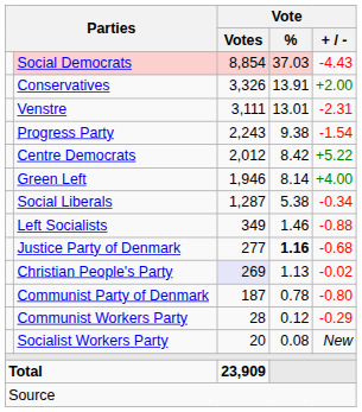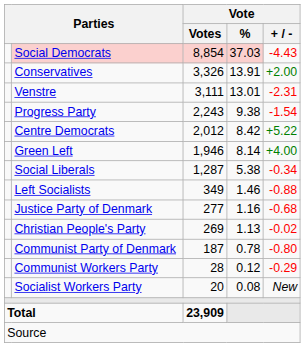 <table class="wikitable" style="text-align:right;">
 <tr>
 <th style="text-align:centre;" rowspan="2" colspan="2" width="225">Parties</th>
 <th colspan="3">Vote</th>
 </tr>
 <tr>
 <th width="15">Votes</th>
 <th width="15">%</th>
 <th width="15">+ / -</th>
 </tr>
 <tr>
 <td width="2" style="color:inherit;background:"></td>
 <td bgcolor=#fbd0ce  align="left"><a href='#'>Social Democrats</a></td>
 <td bgcolor=#fbd0ce>8,854</td>
 <td bgcolor=#fbd0ce>37.03</td>
 <td style=color:red;>-4.43</td>
 </tr>
 <tr>
 <td width="2" style="color:inherit;background:"></td>
 <td align="left"><a href='#'>Conservatives</a></td>
 <td>3,326</td>
 <td>13.91</td>
 <td style=color:green;>+2.00</td>
 </tr>
 <tr>
 <td width="2" style="color:inherit;background:"></td>
 <td align="left"><a href='#'>Venstre</a></td>
 <td>3,111</td>
 <td>13.01</td>
 <td style=color:red;>-2.31</td>
 </tr>
 <tr>
 <td width="2" style="color:inherit;background:"></td>
 <td align="left"><a href='#'>Progress Party</a></td>
 <td>2,243</td>
 <td>9.38</td>
 <td style=color:red;>-1.54</td>
 </tr>
 <tr>
 <td width="2" style="color:inherit;background:"></td>
 <td align="left"><a href='#'>Centre Democrats</a></td>
 <td>2,012</td>
 <td>8.42</td>
 <td style=color:green;>+5.22</td>
 </tr>
 <tr>
 <td width="2" style="color:inherit;background:"></td>
 <td align="left"><a href='#'>Green Left</a></td>
 <td>1,946</td>
 <td>8.14</td>
 <td style=color:green;>+4.00</td>
 </tr>
 <tr>
 <td width="2" style="color:inherit;background:"></td>
 <td align="left"><a href='#'>Social Liberals</a></td>
 <td>1,287</td>
 <td>5.38</td>
 <td style=color:red;>-0.34</td>
 </tr>
 <tr>
 <td width="2" style="color:inherit;background:"></td>
 <td align="left"><a href='#'>Left Socialists</a></td>
 <td>349</td>
 <td>1.46</td>
 <td style=color:red;>-0.88</td>
 </tr>
 <tr>
 <td width="2" style="color:inherit;background:"></td>
 <td align="left"><a href='#'>Justice Party of Denmark</a></td>
 <td>277</td>
-<td><strong>1.16</strong></td>
+<td>1.16</td>
 <td style=color:red;>-0.68</td>
 </tr>
 <tr>
 <td width="2" style="color:inherit;background:"></td>
 <td align="left"><a href='#'>Christian People's Party</a></td>
-<td style="background: lavender;">269</td>
+<td>269</td>
 <td>1.13</td>
 <td style=color:red;>-0.02</td>
 </tr>
 <tr>
 <td width="2" style="color:inherit;background:"></td>
 <td align="left"><a href='#'>Communist Party of Denmark</a></td>
 <td>187</td>
 <td>0.78</td>
 <td style=color:red;>-0.80</td>
 </tr>
 <tr>
 <td width="2" style="color:inherit;background:"></td>
 <td align="left"><a href='#'>Communist Workers Party</a></td>
 <td>28</td>
 <td>0.12</td>
 <td style=color:red;>-0.29</td>
 </tr>
 <tr>
 <td width="2" style="color:inherit;background:"></td>
 <td align="left"><a href='#'>Socialist Workers Party</a></td>
 <td>20</td>
 <td>0.08</td>
 <td><em>New</em></td>
 </tr>
 <tr>
 <td colspan="7" bgcolor="#E9E9E9"></td>
 </tr>
 <tr>
 <td align="left" colspan="2"><strong>Total</strong></td>
 <td><strong>23,909</strong></td>
 <td bgcolor="#E9E9E9" colspan="2"></td>
 </tr>
 <tr>
 <td align="left" colspan="6">Source</td>
 </tr>
 </table>
